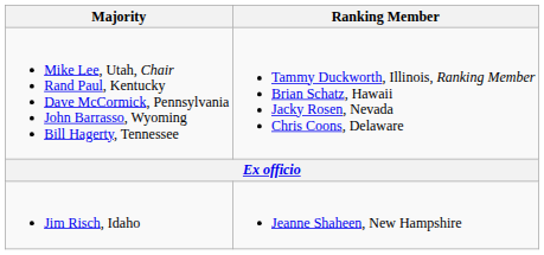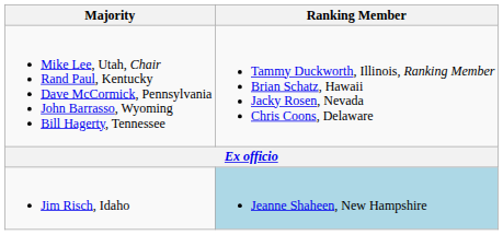 <table class=wikitable>
 <tr>
 <th>Majority</th>
 <th>Ranking Member</th>
 </tr>
 <tr>
 <td><br><ul><li><a href='#'>Mike Lee</a>, Utah, <em>Chair</em></li><li><a href='#'>Rand Paul</a>, Kentucky</li><li><a href='#'>Dave McCormick</a>, Pennsylvania</li><li><a href='#'>John Barrasso</a>, Wyoming</li><li><a href='#'>Bill Hagerty</a>, Tennessee</li></ul></td>
 <td><br><ul><li><a href='#'>Tammy Duckworth</a>, Illinois, <em>Ranking Member</em></li><li><a href='#'>Brian Schatz</a>, Hawaii</li><li><a href='#'>Jacky Rosen</a>, Nevada</li><li><a href='#'>Chris Coons</a>, Delaware</li></ul></td>
 </tr>
 <tr>
 <th colspan=2><em><a href='#'>Ex officio</a></em></th>
 </tr>
 <tr>
 <td><br><ul><li><a href='#'>Jim Risch</a>, Idaho</li></ul></td>
-<td><br><ul><li><a href='#'>Jeanne Shaheen</a>, New Hampshire</li></ul></td>
+<td style="background: lightblue;"><br><ul><li><a href='#'>Jeanne Shaheen</a>, New Hampshire</li></ul></td>
 </tr>
 </table>
